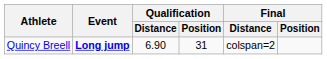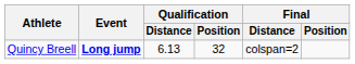 <table class=wikitable style=font-size:90%>
 <tr>
 <th rowspan=2>Athlete</th>
 <th rowspan=2>Event</th>
 <th colspan=2>Qualification</th>
 <th colspan=2>Final</th>
 </tr>
 <tr style=font-size:95%>
 <th>Distance</th>
 <th>Position</th>
 <th>Distance</th>
 <th>Position</th>
 </tr>
 <tr align=center>
 <td align=left><a href='#'>Quincy Breell</a></td>
 <td align=left><strong><a href='#'>Long jump</a></strong></td>
-<td>6.90</td>
-<td>31</td>
+<td>6.13</td>
+<td>32</td>
 <td>colspan=2 </td>
 </tr>
 </table>
